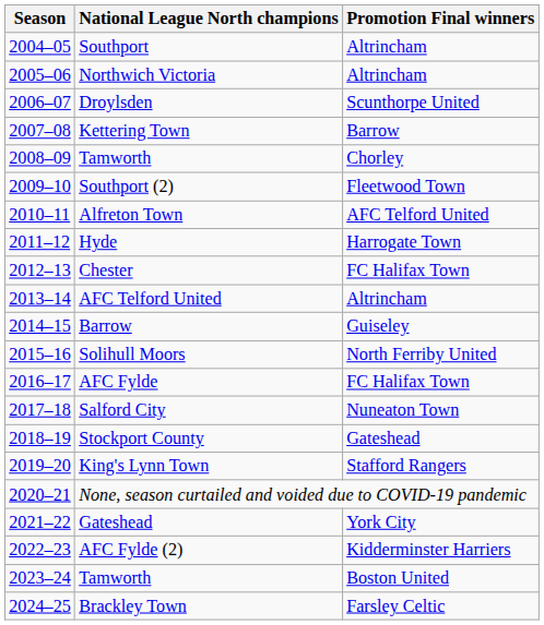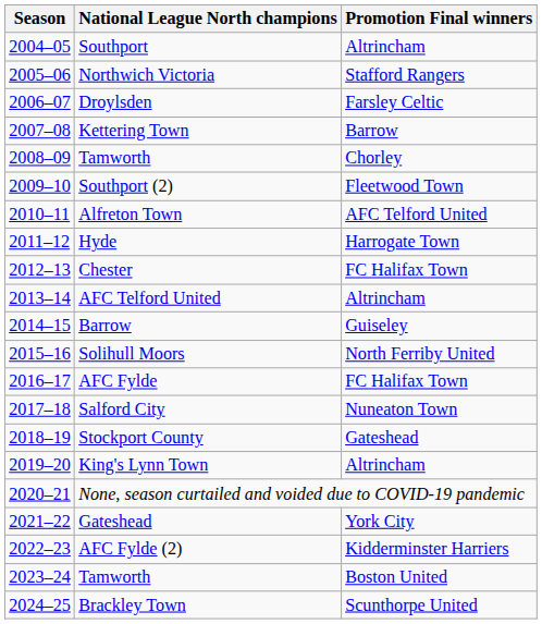 <table class="wikitable">
 <tr>
 <th>Season</th>
 <th>National League North champions</th>
 <th>Promotion Final winners</th>
 </tr>
 <tr>
 <td><a href='#'>2004–05</a></td>
 <td><a href='#'>Southport</a></td>
 <td><a href='#'>Altrincham</a></td>
 </tr>
 <tr>
 <td><a href='#'>2005–06</a></td>
 <td><a href='#'>Northwich Victoria</a></td>
-<td><a href='#'>Altrincham</a></td>
+<td><a href='#'>Stafford Rangers</a></td>
 </tr>
 <tr>
 <td><a href='#'>2006–07</a></td>
 <td><a href='#'>Droylsden</a></td>
-<td><a href='#'>Scunthorpe United</a></td>
+<td><a href='#'>Farsley Celtic</a></td>
 </tr>
 <tr>
 <td><a href='#'>2007–08</a></td>
 <td><a href='#'>Kettering Town</a></td>
 <td><a href='#'>Barrow</a></td>
 </tr>
 <tr>
 <td><a href='#'>2008–09</a></td>
 <td><a href='#'>Tamworth</a></td>
 <td><a href='#'>Chorley</a></td>
 </tr>
 <tr>
 <td><a href='#'>2009–10</a></td>
 <td><a href='#'>Southport</a> (2)</td>
 <td><a href='#'>Fleetwood Town</a></td>
 </tr>
 <tr>
 <td><a href='#'>2010–11</a></td>
 <td><a href='#'>Alfreton Town</a></td>
 <td><a href='#'>AFC Telford United</a></td>
 </tr>
 <tr>
 <td><a href='#'>2011–12</a></td>
 <td><a href='#'>Hyde</a></td>
 <td><a href='#'>Harrogate Town</a></td>
 </tr>
 <tr>
 <td><a href='#'>2012–13</a></td>
 <td><a href='#'>Chester</a></td>
 <td><a href='#'>FC Halifax Town</a></td>
 </tr>
 <tr>
 <td><a href='#'>2013–14</a></td>
 <td><a href='#'>AFC Telford United</a></td>
 <td><a href='#'>Altrincham</a></td>
 </tr>
 <tr>
 <td><a href='#'>2014–15</a></td>
 <td><a href='#'>Barrow</a></td>
 <td><a href='#'>Guiseley</a></td>
 </tr>
 <tr>
 <td><a href='#'>2015–16</a></td>
 <td><a href='#'>Solihull Moors</a></td>
 <td><a href='#'>North Ferriby United</a></td>
 </tr>
 <tr>
 <td><a href='#'>2016–17</a></td>
 <td><a href='#'>AFC Fylde</a></td>
 <td><a href='#'>FC Halifax Town</a></td>
 </tr>
 <tr>
 <td><a href='#'>2017–18</a></td>
 <td><a href='#'>Salford City</a></td>
 <td><a href='#'>Nuneaton Town</a></td>
 </tr>
 <tr>
 <td><a href='#'>2018–19</a></td>
 <td><a href='#'>Stockport County</a></td>
 <td><a href='#'>Gateshead</a></td>
 </tr>
 <tr>
 <td><a href='#'>2019–20</a></td>
 <td><a href='#'>King's Lynn Town</a></td>
-<td><a href='#'>Stafford Rangers</a></td>
+<td><a href='#'>Altrincham</a></td>
 </tr>
 <tr>
 <td><a href='#'>2020–21</a></td>
 <td colspan=2><em>None, season curtailed and voided due to COVID-19 pandemic</em></td>
 </tr>
 <tr>
 <td><a href='#'>2021–22</a></td>
 <td><a href='#'>Gateshead</a></td>
 <td><a href='#'>York City</a></td>
 </tr>
 <tr>
 <td><a href='#'>2022–23</a></td>
 <td><a href='#'>AFC Fylde</a> (2)</td>
 <td><a href='#'>Kidderminster Harriers</a></td>
 </tr>
 <tr>
 <td><a href='#'>2023–24</a></td>
 <td><a href='#'>Tamworth</a></td>
 <td><a href='#'>Boston United</a></td>
 </tr>
 <tr>
 <td><a href='#'>2024–25</a></td>
 <td><a href='#'>Brackley Town</a></td>
-<td><a href='#'>Farsley Celtic</a></td>
+<td><a href='#'>Scunthorpe United</a></td>
 </tr>
 </table>
